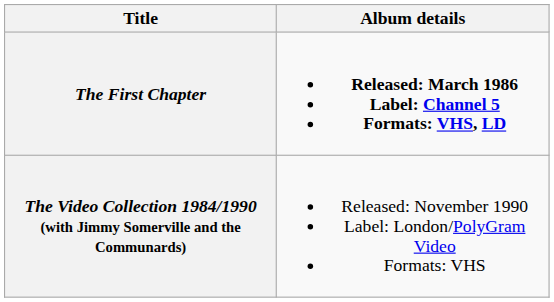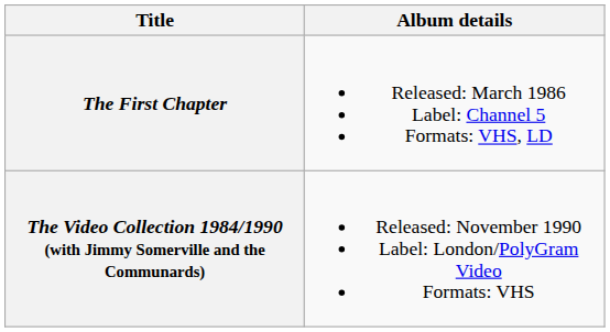 <table class="wikitable plainrowheaders" style="text-align:center;">
 <tr>
 <th scope="col" style="width:15em;">Title</th>
 <th scope="col" style="width:15em;">Album details</th>
 </tr>
 <tr>
 <th scope="row"><em>The First Chapter</em></th>
-<td><strong><br><ul><li>Released: March 1986</li><li>Label: <a href='#'>Channel 5</a></li><li>Formats: <a href='#'>VHS</a>, <a href='#'>LD</a></li></ul></strong></td>
+<td><br><ul><li>Released: March 1986</li><li>Label: <a href='#'>Channel 5</a></li><li>Formats: <a href='#'>VHS</a>, <a href='#'>LD</a></li></ul></td>
 </tr>
 <tr>
 <th scope="row"><em>The Video Collection 1984/1990</em><br><small>(with Jimmy Somerville and the Communards)</small></th>
 <td><br><ul><li>Released: November 1990</li><li>Label: London/<a href='#'>PolyGram Video</a></li><li>Formats: VHS</li></ul></td>
 </tr>
 </table>
